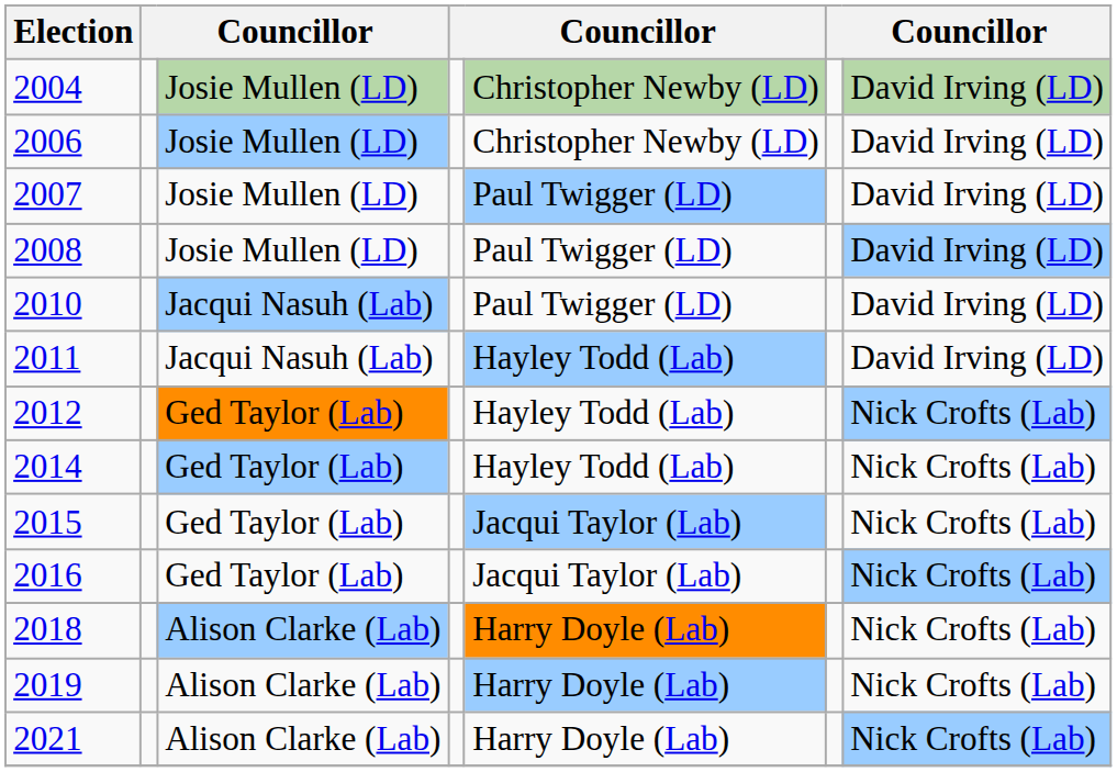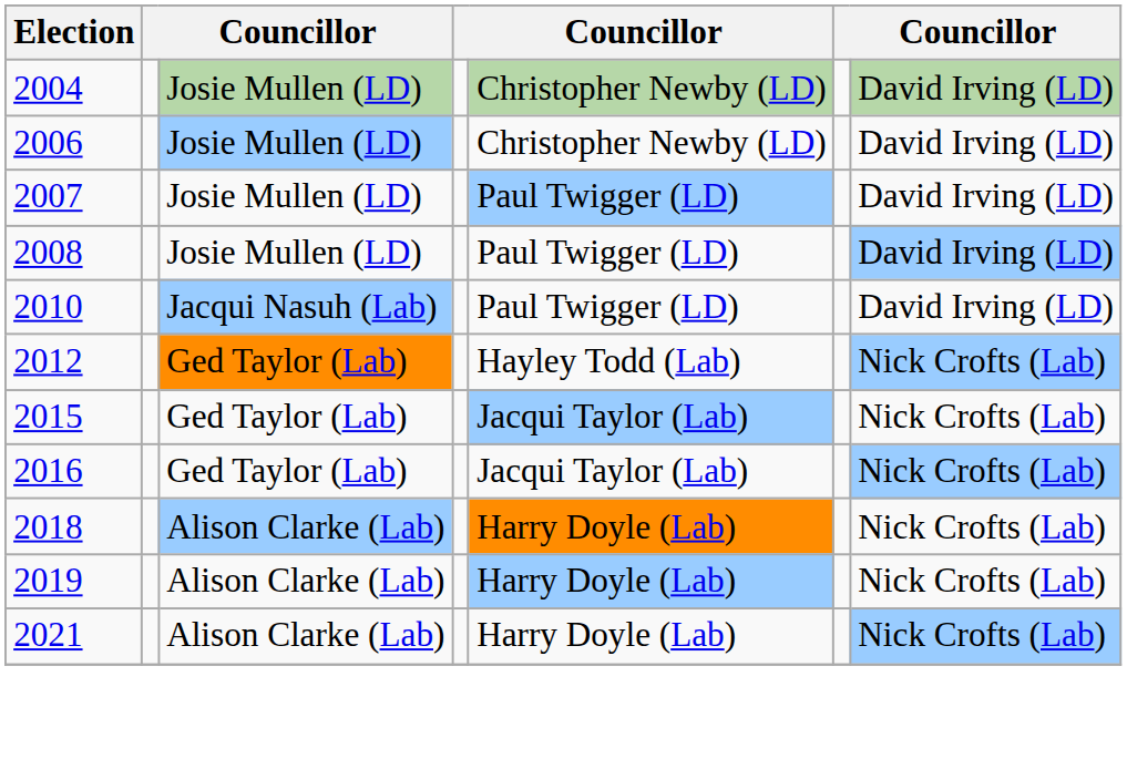 <table class="wikitable">
 <tr>
 <th>Election</th>
 <th colspan="2">Councillor</th>
 <th colspan="2">Councillor</th>
 <th colspan="2">Councillor</th>
 </tr>
 <tr>
 <td><a href='#'>2004</a></td>
 <td style="background-color: "></td>
 <td bgcolor="#B6D7A8">Josie Mullen (<a href='#'>LD</a>)</td>
 <td style="background-color: "></td>
 <td bgcolor="#B6D7A8">Christopher Newby (<a href='#'>LD</a>)</td>
 <td style="background-color: "></td>
 <td bgcolor="#B6D7A8">David Irving (<a href='#'>LD</a>)</td>
 </tr>
 <tr>
 <td><a href='#'>2006</a></td>
 <td style="background-color: "></td>
 <td bgcolor="#99CCFF">Josie Mullen (<a href='#'>LD</a>)</td>
 <td style="background-color: "></td>
 <td>Christopher Newby (<a href='#'>LD</a>)</td>
 <td style="background-color: "></td>
 <td>David Irving (<a href='#'>LD</a>)</td>
 </tr>
 <tr>
 <td><a href='#'>2007</a></td>
 <td style="background-color: "></td>
 <td>Josie Mullen (<a href='#'>LD</a>)</td>
 <td style="background-color: "></td>
 <td bgcolor="#99CCFF">Paul Twigger (<a href='#'>LD</a>)</td>
 <td style="background-color: "></td>
 <td>David Irving (<a href='#'>LD</a>)</td>
 </tr>
 <tr>
 <td><a href='#'>2008</a></td>
 <td style="background-color: "></td>
 <td>Josie Mullen (<a href='#'>LD</a>)</td>
 <td style="background-color: "></td>
 <td>Paul Twigger (<a href='#'>LD</a>)</td>
 <td style="background-color: "></td>
 <td bgcolor="#99CCFF">David Irving (<a href='#'>LD</a>)</td>
 </tr>
 <tr>
 <td><a href='#'>2010</a></td>
 <td style="background-color: "></td>
 <td bgcolor="#99CCFF">Jacqui Nasuh (<a href='#'>Lab</a>)</td>
 <td style="background-color: "></td>
 <td>Paul Twigger (<a href='#'>LD</a>)</td>
 <td style="background-color: "></td>
 <td>David Irving (<a href='#'>LD</a>)</td>
 </tr>
 <tr>
-<td><a href='#'>2011</a></td>
-<td style="background-color: "></td>
-<td>Jacqui Nasuh (<a href='#'>Lab</a>)</td>
-<td style="background-color: "></td>
-<td bgcolor="#99CCFF">Hayley Todd (<a href='#'>Lab</a>)</td>
-<td style="background-color: "></td>
-<td>David Irving (<a href='#'>LD</a>)</td>
-</tr>
-<tr>
 <td><a href='#'>2012</a></td>
 <td style="background-color: "></td>
 <td bgcolor="#FF8C00">Ged Taylor (<a href='#'>Lab</a>)</td>
 <td style="background-color: "></td>
 <td>Hayley Todd (<a href='#'>Lab</a>)</td>
 <td style="background-color: "></td>
 <td bgcolor="#99CCFF">Nick Crofts (<a href='#'>Lab</a>)</td>
-</tr>
-<tr>
-<td><a href='#'>2014</a></td>
-<td style="background-color: "></td>
-<td bgcolor="#99CCFF">Ged Taylor (<a href='#'>Lab</a>)</td>
-<td style="background-color: "></td>
-<td>Hayley Todd (<a href='#'>Lab</a>)</td>
-<td style="background-color: "></td>
-<td>Nick Crofts (<a href='#'>Lab</a>)</td>
 </tr>
 <tr>
 <td><a href='#'>2015</a></td>
 <td style="background-color: "></td>
 <td>Ged Taylor (<a href='#'>Lab</a>)</td>
 <td style="background-color: "></td>
 <td bgcolor="#99CCFF">Jacqui Taylor (<a href='#'>Lab</a>)</td>
 <td style="background-color: "></td>
 <td>Nick Crofts (<a href='#'>Lab</a>)</td>
 </tr>
 <tr>
 <td><a href='#'>2016</a></td>
 <td style="background-color: "></td>
 <td>Ged Taylor (<a href='#'>Lab</a>)</td>
 <td style="background-color: "></td>
 <td>Jacqui Taylor (<a href='#'>Lab</a>)</td>
 <td style="background-color: "></td>
 <td bgcolor="#99CCFF">Nick Crofts (<a href='#'>Lab</a>)</td>
 </tr>
 <tr>
 <td><a href='#'>2018</a></td>
 <td style="background-color: "></td>
 <td bgcolor="#99CCFF">Alison Clarke (<a href='#'>Lab</a>)</td>
 <td style="background-color: "></td>
 <td bgcolor="#FF8C00">Harry Doyle (<a href='#'>Lab</a>)</td>
 <td style="background-color: "></td>
 <td>Nick Crofts (<a href='#'>Lab</a>)</td>
 </tr>
 <tr>
 <td><a href='#'>2019</a></td>
 <td style="background-color: "></td>
 <td>Alison Clarke (<a href='#'>Lab</a>)</td>
 <td style="background-color: "></td>
 <td bgcolor="#99CCFF">Harry Doyle (<a href='#'>Lab</a>)</td>
 <td style="background-color: "></td>
 <td>Nick Crofts (<a href='#'>Lab</a>)</td>
 </tr>
 <tr>
 <td><a href='#'>2021</a></td>
 <td style="background-color: "></td>
 <td>Alison Clarke (<a href='#'>Lab</a>)</td>
 <td style="background-color: "></td>
 <td>Harry Doyle (<a href='#'>Lab</a>)</td>
 <td style="background-color: "></td>
 <td bgcolor="#99CCFF">Nick Crofts (<a href='#'>Lab</a>)</td>
 </tr>
 <tr>
 </tr>
 </table>
